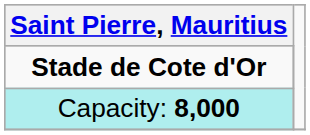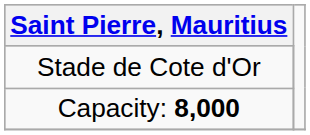 <table class="wikitable" style="text-align:center; margin:0.2em auto;">
 <tr>
 <th colspan="2"><a href='#'>Saint Pierre</a>, <a href='#'>Mauritius</a></th>
 <td rowspan="3"></td>
 </tr>
 <tr>
-<td><strong>Stade de Cote d'Or</strong></td>
+<td>Stade de Cote d'Or</td>
 </tr>
 <tr>
-<td style="background: paleturquoise;">Capacity: <strong>8,000</strong></td>
+<td>Capacity: <strong>8,000</strong></td>
 </tr>
 <tr>
 </tr>
 </table>
